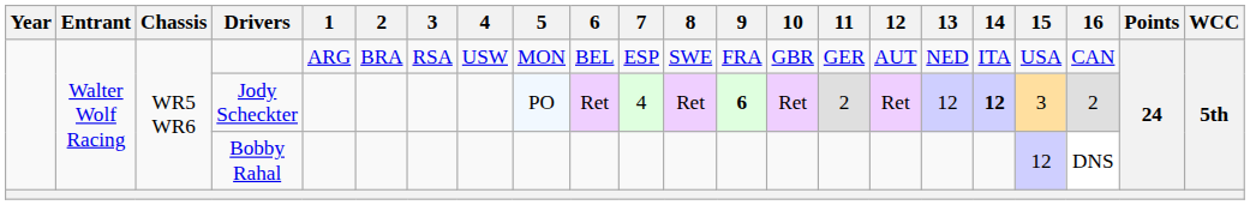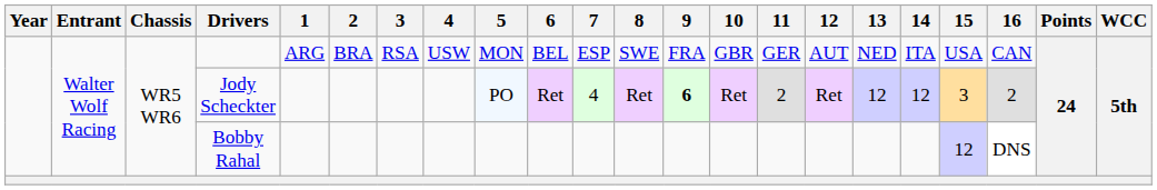 <table class="wikitable" style="text-align:center; font-size:95%">
 <tr>
 <th>Year</th>
 <th>Entrant</th>
 <th>Chassis</th>
 <th>Drivers</th>
 <th>1</th>
 <th>2</th>
 <th>3</th>
 <th>4</th>
 <th>5</th>
 <th>6</th>
 <th>7</th>
 <th>8</th>
 <th>9</th>
 <th>10</th>
 <th>11</th>
 <th>12</th>
 <th>13</th>
 <th>14</th>
 <th>15</th>
 <th>16</th>
 <th>Points</th>
 <th>WCC</th>
 </tr>
 <tr>
 <td rowspan="3"></td>
 <td rowspan="3"><a href='#'>Walter Wolf Racing</a></td>
 <td rowspan="3">WR5<br>WR6</td>
 <td></td>
 <td><a href='#'>ARG</a></td>
 <td><a href='#'>BRA</a></td>
 <td><a href='#'>RSA</a></td>
 <td><a href='#'>USW</a></td>
 <td><a href='#'>MON</a></td>
 <td><a href='#'>BEL</a></td>
 <td><a href='#'>ESP</a></td>
 <td><a href='#'>SWE</a></td>
 <td><a href='#'>FRA</a></td>
 <td><a href='#'>GBR</a></td>
 <td><a href='#'>GER</a></td>
 <td><a href='#'>AUT</a></td>
 <td><a href='#'>NED</a></td>
 <td><a href='#'>ITA</a></td>
 <td><a href='#'>USA</a></td>
 <td><a href='#'>CAN</a></td>
 <th rowspan="3">24</th>
 <th rowspan="3">5th</th>
 </tr>
 <tr>
 <td><a href='#'>Jody Scheckter</a></td>
 <td></td>
 <td></td>
 <td></td>
 <td></td>
 <td style="background:#F1F8FF;">PO</td>
 <td style="background:#EFCFFF;">Ret</td>
 <td style="background:#DFFFDF;">4</td>
 <td style="background:#EFCFFF;">Ret</td>
 <td style="background:#DFFFDF;"><strong>6</strong></td>
 <td style="background:#EFCFFF;">Ret</td>
 <td style="background:#DFDFDF;">2</td>
 <td style="background:#EFCFFF;">Ret</td>
 <td style="background:#CFCFFF;">12</td>
-<td style="background:#CFCFFF;"><strong>12</strong></td>
+<td style="background:#CFCFFF;">12</td>
 <td style="background:#FFDF9F;">3</td>
 <td style="background:#DFDFDF;">2</td>
 </tr>
 <tr>
 <td><a href='#'>Bobby Rahal</a></td>
 <td></td>
 <td></td>
 <td></td>
 <td></td>
 <td></td>
 <td></td>
 <td></td>
 <td></td>
 <td></td>
 <td></td>
 <td></td>
 <td></td>
 <td></td>
 <td></td>
 <td style="background:#CFCFFF;">12</td>
 <td style="background:#FFFFFF;">DNS</td>
 </tr>
 <tr>
 <th colspan="22"></th>
 </tr>
 </table>
